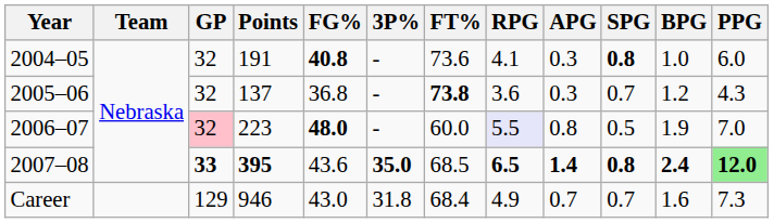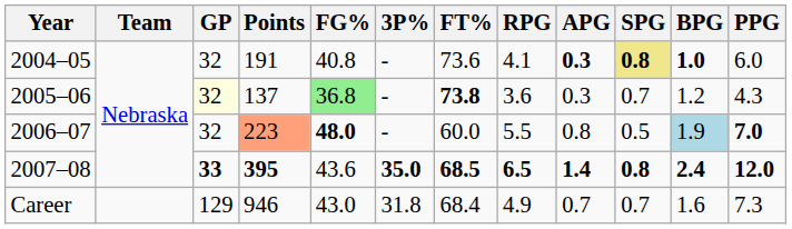 <table class="wikitable">
 <tr>
 <th>Year</th>
 <th>Team</th>
 <th>GP</th>
 <th>Points</th>
 <th>FG%</th>
 <th>3P%</th>
 <th>FT%</th>
 <th>RPG</th>
 <th>APG</th>
 <th>SPG</th>
 <th>BPG</th>
 <th>PPG</th>
 </tr>
 <tr>
 <td>2004–05</td>
 <td rowspan=4><a href='#'>Nebraska</a></td>
 <td>32</td>
 <td>191</td>
-<td><strong>40.8</strong></td>
+<td>40.8</td>
 <td>-</td>
 <td>73.6</td>
 <td>4.1</td>
-<td>0.3</td>
-<td><strong>0.8</strong></td>
-<td>1.0</td>
+<td><strong>0.3</strong></td>
+<td style="background: khaki;"><strong>0.8</strong></td>
+<td><strong>1.0</strong></td>
 <td>6.0</td>
 </tr>
 <tr>
 <td>2005–06</td>
-<td>32</td>
+<td style="background: lightyellow;">32</td>
 <td>137</td>
-<td>36.8</td>
+<td style="background: lightgreen;">36.8</td>
 <td>-</td>
 <td><strong>73.8</strong></td>
 <td>3.6</td>
 <td>0.3</td>
 <td>0.7</td>
 <td>1.2</td>
 <td>4.3</td>
 </tr>
 <tr>
 <td>2006–07</td>
-<td style="background: pink;">32</td>
-<td>223</td>
+<td>32</td>
+<td style="background: lightsalmon;">223</td>
 <td><strong>48.0</strong></td>
 <td>-</td>
 <td>60.0</td>
-<td style="background: lavender;">5.5</td>
+<td>5.5</td>
 <td>0.8</td>
 <td>0.5</td>
-<td>1.9</td>
-<td>7.0</td>
+<td style="background: lightblue;">1.9</td>
+<td><strong>7.0</strong></td>
 </tr>
 <tr>
 <td>2007–08</td>
 <td><strong>33</strong></td>
 <td><strong>395</strong></td>
 <td>43.6</td>
 <td><strong>35.0</strong></td>
-<td>68.5</td>
+<td><strong>68.5</strong></td>
 <td><strong>6.5</strong></td>
 <td><strong>1.4</strong></td>
 <td><strong>0.8</strong></td>
 <td><strong>2.4</strong></td>
-<td style="background: lightgreen;"><strong>12.0</strong></td>
+<td><strong>12.0</strong></td>
 </tr>
 <tr>
 <td>Career</td>
 <td></td>
 <td>129</td>
 <td>946</td>
 <td>43.0</td>
 <td>31.8</td>
 <td>68.4</td>
 <td>4.9</td>
 <td>0.7</td>
 <td>0.7</td>
 <td>1.6</td>
 <td>7.3</td>
 </tr>
 </table>
